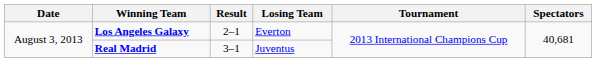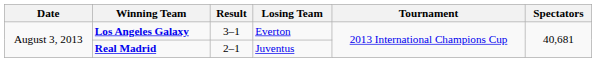 <table class="wikitable" style="text-align:left; width:95%;" style="text-align:center">
 <tr>
 <th style="text-align:center; ">Date</th>
 <th style="text-align:center; ">Winning Team</th>
 <th style="text-align:center; ">Result</th>
 <th style="text-align:center; ">Losing Team</th>
 <th style="text-align:center; ">Tournament</th>
 <th style="text-align:center; ">Spectators</th>
 </tr>
 <tr>
 <td style="text-align:center;" rowspan=2>August 3, 2013</td>
 <td><strong> <a href='#'>Los Angeles Galaxy</a></strong></td>
-<td style="text-align:center;">2–1</td>
+<td style="text-align:center;">3–1</td>
 <td> <a href='#'>Everton</a></td>
 <td style="text-align:center;" rowspan=2><a href='#'>2013 International Champions Cup</a></td>
 <td style="text-align:center;" rowspan=2>40,681</td>
 </tr>
 <tr>
 <td><strong> <a href='#'>Real Madrid</a></strong></td>
-<td style="text-align:center;">3–1</td>
+<td style="text-align:center;">2–1</td>
 <td> <a href='#'>Juventus</a></td>
 </tr>
 </table>
